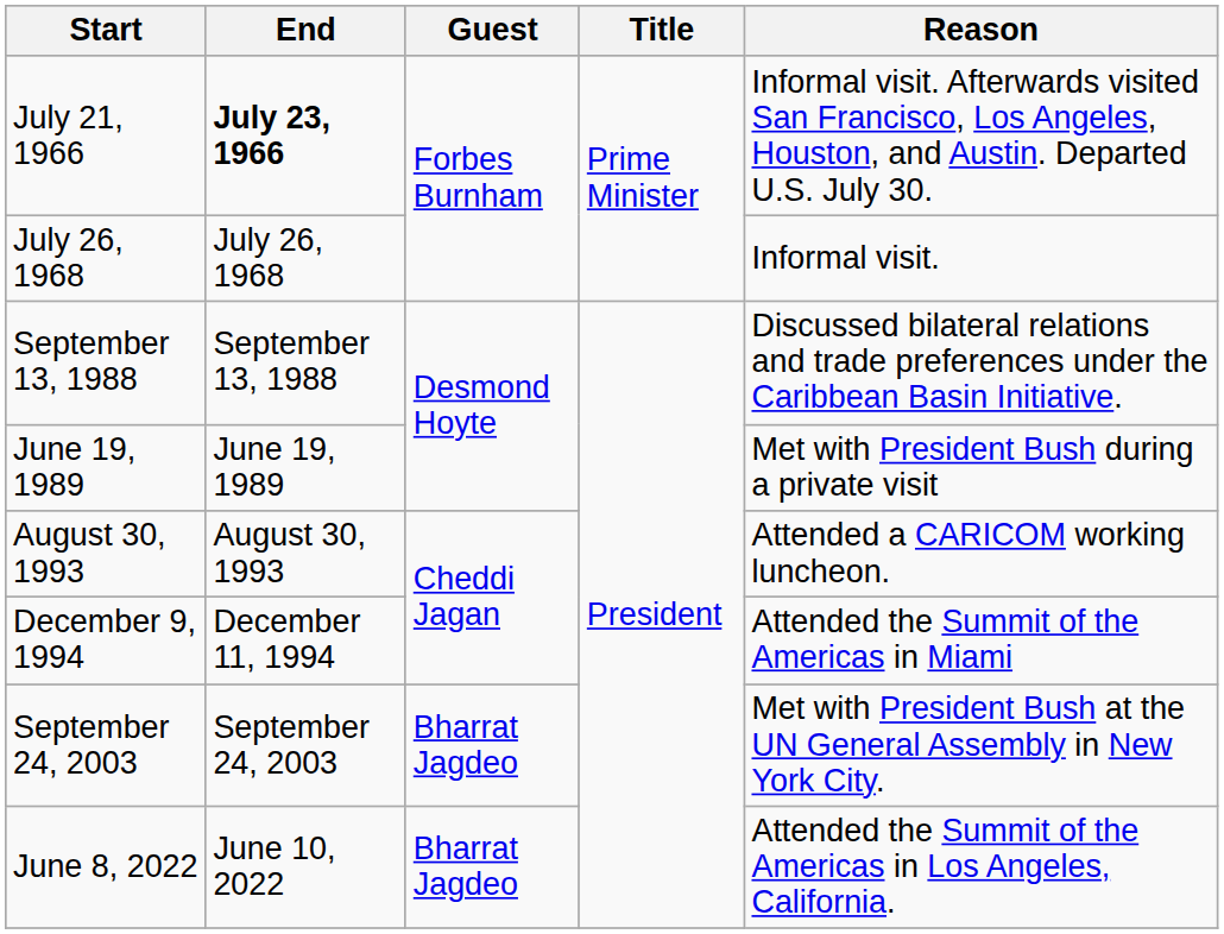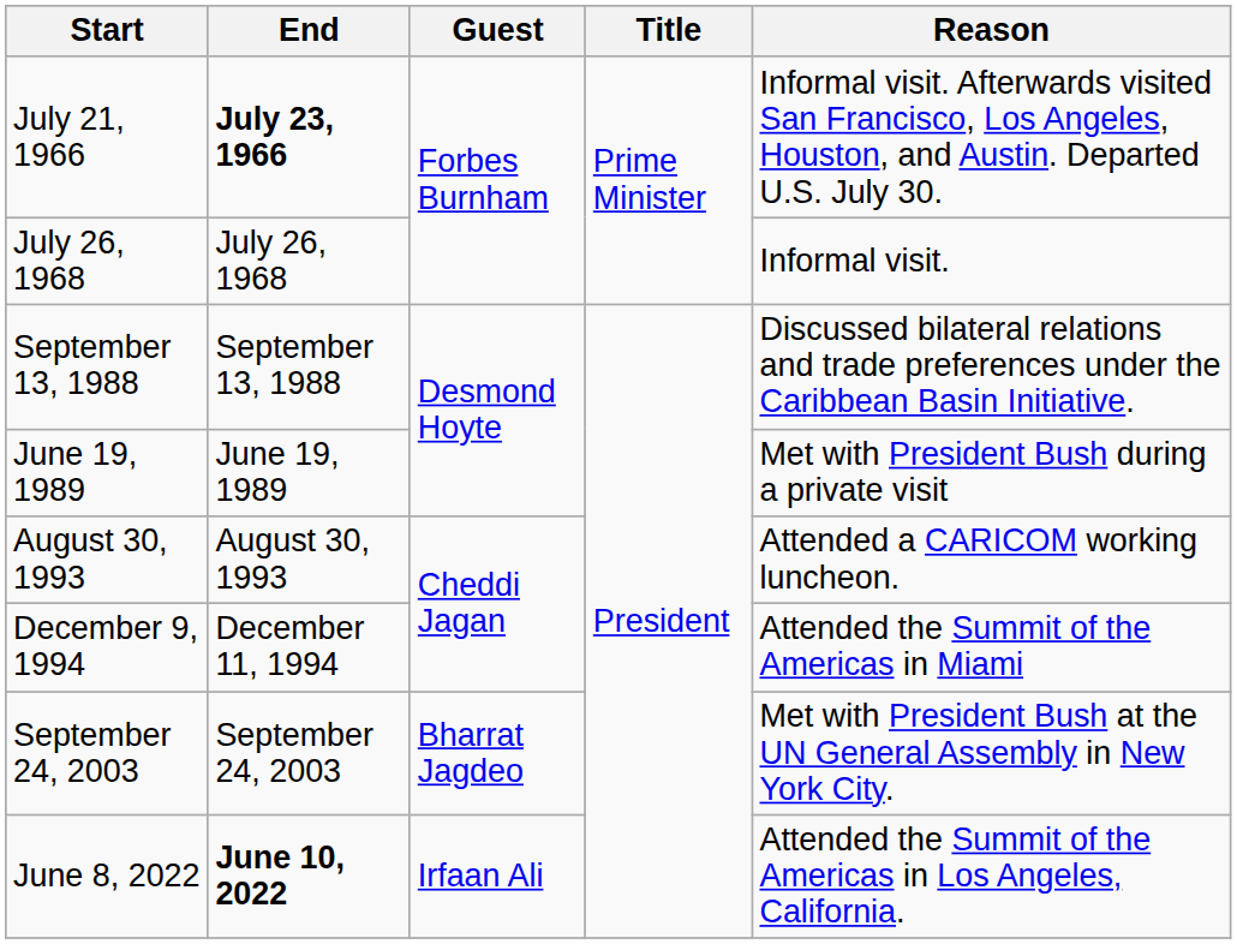 <table class="wikitable sortable">
 <tr>
 <th>Start</th>
 <th>End</th>
 <th>Guest</th>
 <th>Title</th>
 <th>Reason</th>
 </tr>
 <tr>
 <td>July 21, 1966</td>
 <td><strong>July 23, 1966</strong></td>
 <td rowspan=2><a href='#'>Forbes Burnham</a></td>
 <td rowspan=2><a href='#'>Prime Minister</a></td>
 <td>Informal visit. Afterwards visited <a href='#'>San Francisco</a>, <a href='#'>Los Angeles</a>, <a href='#'>Houston</a>, and <a href='#'>Austin</a>. Departed U.S. July 30.</td>
 </tr>
 <tr>
 <td>July 26, 1968</td>
 <td>July 26, 1968</td>
 <td>Informal visit.</td>
 </tr>
 <tr>
 <td>September 13, 1988</td>
 <td>September 13, 1988</td>
 <td rowspan=2><a href='#'>Desmond Hoyte</a></td>
 <td rowspan=6><a href='#'>President</a></td>
 <td>Discussed bilateral relations and trade preferences under the <a href='#'>Caribbean Basin Initiative</a>.</td>
 </tr>
 <tr>
 <td>June 19, 1989</td>
 <td>June 19, 1989</td>
 <td>Met with <a href='#'>President Bush</a> during a private visit</td>
 </tr>
 <tr>
 <td>August 30, 1993</td>
 <td>August 30, 1993</td>
 <td rowspan=2><a href='#'>Cheddi Jagan</a></td>
 <td>Attended a <a href='#'>CARICOM</a> working luncheon.</td>
 </tr>
 <tr>
 <td>December 9, 1994</td>
 <td>December 11, 1994</td>
 <td>Attended the <a href='#'>Summit of the Americas</a> in <a href='#'>Miami</a></td>
 </tr>
 <tr>
 <td>September 24, 2003</td>
 <td>September 24, 2003</td>
 <td><a href='#'>Bharrat Jagdeo</a></td>
 <td>Met with <a href='#'>President Bush</a> at the <a href='#'>UN General Assembly</a> in <a href='#'>New York City</a>.</td>
 </tr>
 <tr>
 <td>June 8, 2022</td>
-<td>June 10, 2022</td>
-<td><a href='#'>Bharrat Jagdeo</a></td>
+<td><strong>June 10, 2022</strong></td>
+<td><a href='#'>Irfaan Ali</a></td>
 <td>Attended the <a href='#'>Summit of the Americas</a> in <a href='#'>Los Angeles, California</a>.</td>
 </tr>
 </table>
